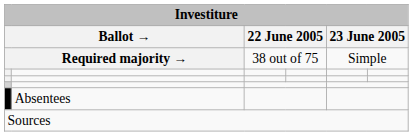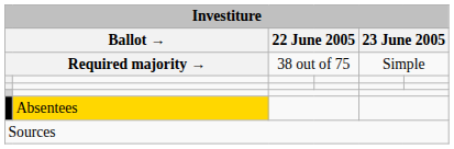 <table class="wikitable" style="text-align:center;">
 <tr bgcolor="#E9E9E9">
 <td colspan="6" align="center" bgcolor="#C0C0C0"><strong>Investiture</strong></td>
 </tr>
 <tr>
 <th colspan="2" width="275px">Ballot →</th>
 <th colspan="2">22 June 2005</th>
 <th colspan="2">23 June 2005</th>
 </tr>
 <tr>
 <th colspan="2">Required majority →</th>
 <td colspan="2">38 out of 75</td>
 <td colspan="2">Simple</td>
 </tr>
 <tr>
 <th width="1px" style="background:"></th>
 <td align="left"></td>
 <td></td>
 <td></td>
 <td></td>
 <td></td>
 </tr>
 <tr>
 <th style="color:inherit;background:"></th>
 <td align="left"></td>
 <td></td>
 <td></td>
 <td></td>
 <td></td>
 </tr>
 <tr>
 <th style="color:inherit;background:lightgray;"></th>
 <td align="left"></td>
 <td colspan="2"></td>
 <td colspan="2"></td>
 </tr>
 <tr>
 <th style="color:inherit;background:black;"></th>
-<td align="left"><span>Absentees</span></td>
+<td align="left" style="background: gold;"><span>Absentees</span></td>
 <td colspan="2"></td>
 <td colspan="2"></td>
 </tr>
 <tr>
 <td align="left" colspan="6">Sources</td>
 </tr>
 </table>
